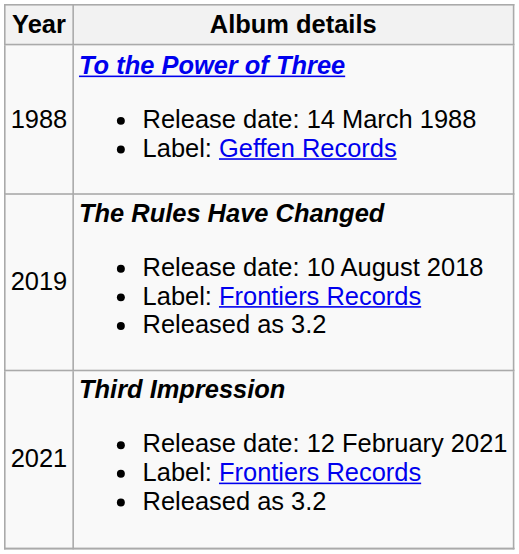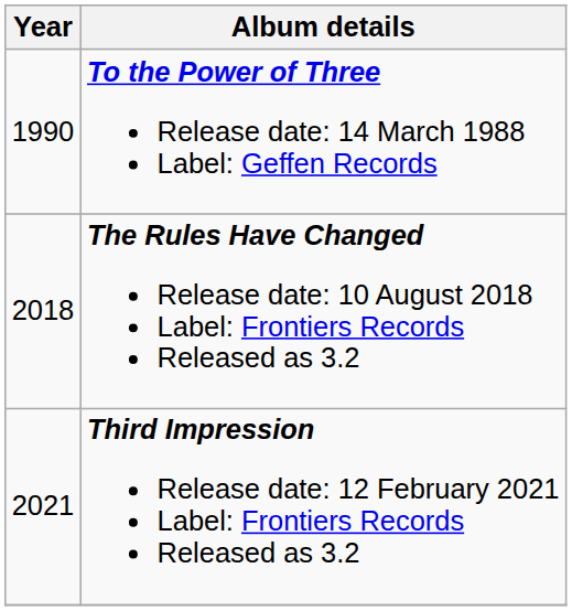 <table class="wikitable" style="text-align:center;">
 <tr>
 <th>Year</th>
 <th>Album details</th>
 </tr>
 <tr>
-<td>1988</td>
+<td>1990</td>
 <td align="left"><strong><em><a href='#'>To the Power of Three</a></em></strong><br><ul><li>Release date: 14 March 1988</li><li>Label: <a href='#'>Geffen Records</a></li></ul></td>
 </tr>
 <tr>
-<td>2019</td>
+<td>2018</td>
 <td align="left"><strong><em>The Rules Have Changed</em></strong><br><ul><li>Release date: 10 August 2018</li><li>Label: <a href='#'>Frontiers Records</a></li><li>Released as 3.2</li></ul></td>
 </tr>
 <tr>
 <td>2021</td>
 <td align="left"><strong><em>Third Impression</em></strong><br><ul><li>Release date: 12 February 2021</li><li>Label: <a href='#'>Frontiers Records</a></li><li>Released as 3.2</li></ul></td>
 </tr>
 <tr>
 </tr>
 </table>
